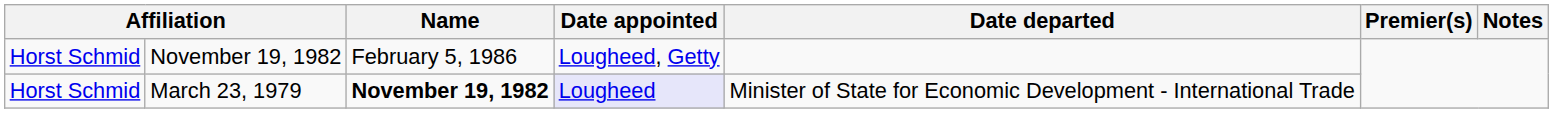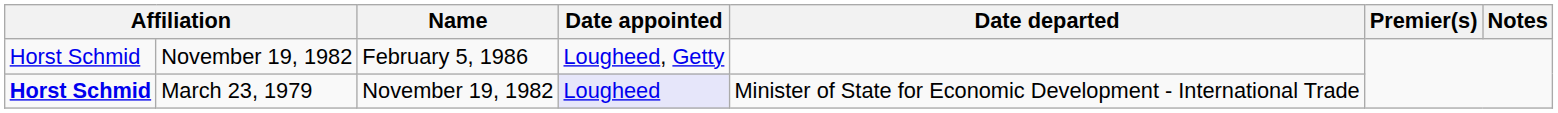 <table class="wikitable">
 <tr>
 <th colspan="2">Affiliation</th>
 <th>Name</th>
 <th>Date appointed</th>
 <th>Date departed</th>
 <th>Premier(s)</th>
 <th>Notes</th>
 </tr>
 <tr>
 <td><a href='#'>Horst Schmid</a></td>
 <td>November 19, 1982</td>
 <td>February 5, 1986</td>
 <td><a href='#'>Lougheed</a>, <a href='#'>Getty</a></td>
 <td></td>
 </tr>
 <tr>
-<td><a href='#'>Horst Schmid</a></td>
+<td><strong><a href='#'>Horst Schmid</a></strong></td>
 <td>March 23, 1979</td>
-<td><strong>November 19, 1982</strong></td>
+<td>November 19, 1982</td>
 <td style="background: lavender;"><a href='#'>Lougheed</a></td>
 <td>Minister of State for Economic Development - International Trade</td>
 </tr>
 </table>
